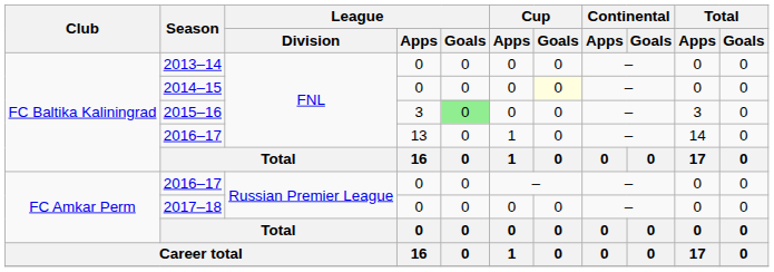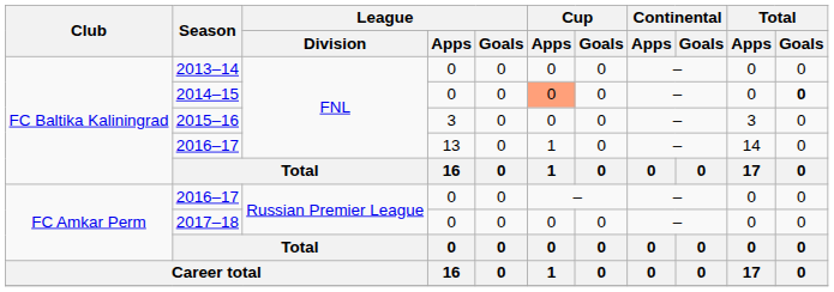 <table class="wikitable" style="text-align: center;">
 <tr>
 <th rowspan=2>Club</th>
 <th rowspan=2>Season</th>
 <th colspan=3>League</th>
 <th colspan=2>Cup</th>
 <th colspan=2>Continental</th>
 <th colspan=2>Total</th>
 </tr>
 <tr>
 <th>Division</th>
 <th>Apps</th>
 <th>Goals</th>
 <th>Apps</th>
 <th>Goals</th>
 <th>Apps</th>
 <th>Goals</th>
 <th>Apps</th>
 <th>Goals</th>
 </tr>
 <tr>
 <td rowspan=5><a href='#'>FC Baltika Kaliningrad</a></td>
 <td><a href='#'>2013–14</a></td>
 <td rowspan=4><a href='#'>FNL</a></td>
 <td>0</td>
 <td>0</td>
 <td>0</td>
 <td>0</td>
 <td colspan=2>–</td>
 <td>0</td>
 <td>0</td>
 </tr>
 <tr>
 <td><a href='#'>2014–15</a></td>
 <td>0</td>
 <td>0</td>
+<td style="background: lightsalmon;">0</td>
 <td>0</td>
-<td style="background: lightyellow;">0</td>
 <td colspan=2>–</td>
 <td>0</td>
-<td>0</td>
+<td><strong>0</strong></td>
 </tr>
 <tr>
 <td><a href='#'>2015–16</a></td>
 <td>3</td>
-<td style="background: lightgreen;">0</td>
+<td>0</td>
 <td>0</td>
 <td>0</td>
 <td colspan=2>–</td>
 <td>3</td>
 <td>0</td>
 </tr>
 <tr>
 <td><a href='#'>2016–17</a></td>
 <td>13</td>
 <td>0</td>
 <td>1</td>
 <td>0</td>
 <td colspan=2>–</td>
 <td>14</td>
 <td>0</td>
 </tr>
 <tr>
 <th colspan=2>Total</th>
 <th>16</th>
 <th>0</th>
 <th>1</th>
 <th>0</th>
 <th>0</th>
 <th>0</th>
 <th>17</th>
 <th>0</th>
 </tr>
 <tr>
 <td rowspan=3><a href='#'>FC Amkar Perm</a></td>
 <td><a href='#'>2016–17</a></td>
 <td rowspan=2><a href='#'>Russian Premier League</a></td>
 <td>0</td>
 <td>0</td>
 <td colspan=2>–</td>
 <td colspan=2>–</td>
 <td>0</td>
 <td>0</td>
 </tr>
 <tr>
 <td><a href='#'>2017–18</a></td>
 <td>0</td>
 <td>0</td>
 <td>0</td>
 <td>0</td>
 <td colspan=2>–</td>
 <td>0</td>
 <td>0</td>
 </tr>
 <tr>
 <th colspan=2>Total</th>
 <th>0</th>
 <th>0</th>
 <th>0</th>
 <th>0</th>
 <th>0</th>
 <th>0</th>
 <th>0</th>
 <th>0</th>
 </tr>
 <tr>
 <th colspan=3>Career total</th>
 <th>16</th>
 <th>0</th>
 <th>1</th>
 <th>0</th>
 <th>0</th>
 <th>0</th>
 <th>17</th>
 <th>0</th>
 </tr>
 <tr>
 </tr>
 </table>
